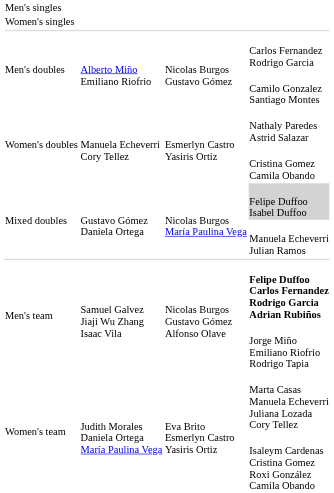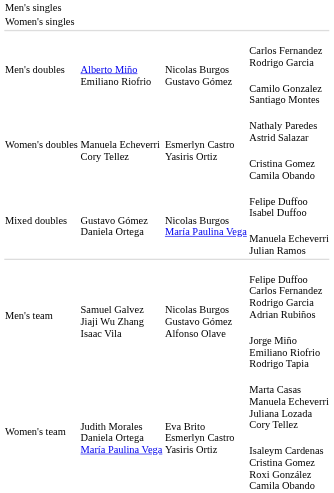 <table>
 <tr>
 <td rowspan=2>Men's singles</td>
 <td rowspan=2></td>
 <td rowspan=2></td>
 <td></td>
 </tr>
 <tr>
 <td></td>
 </tr>
 <tr>
 <td rowspan=2>Women's singles</td>
 <td rowspan=2></td>
 <td rowspan=2></td>
 <td nowrap></td>
 </tr>
 <tr>
 <td></td>
 </tr>
 <tr bgcolor=#dddddd>
 <td colspan=4></td>
 </tr>
 <tr>
 <td rowspan=2>Men's doubles</td>
 <td rowspan=2><br><a href='#'>Alberto Miño</a><br>Emiliano Riofrio</td>
 <td rowspan=2><br>Nicolas Burgos<br>Gustavo Gómez</td>
 <td><br>Carlos Fernandez<br>Rodrigo Garcia</td>
 </tr>
 <tr>
 <td><br>Camilo Gonzalez<br>Santiago Montes</td>
 </tr>
 <tr>
 <td rowspan=2 nowrap>Women's doubles</td>
 <td rowspan=2><br>Manuela Echeverri<br>Cory Tellez</td>
 <td rowspan=2 nowrap><br>Esmerlyn Castro<br>Yasiris Ortiz</td>
 <td><br>Nathaly Paredes<br>Astrid Salazar</td>
 </tr>
 <tr>
 <td><br>Cristina Gomez<br>Camila Obando</td>
 </tr>
 <tr>
 <td rowspan=2>Mixed doubles</td>
 <td rowspan=2><br>Gustavo Gómez<br>Daniela Ortega</td>
 <td rowspan=2><br>Nicolas Burgos<br><a href='#'>María Paulina Vega</a></td>
-<td style="background: lightgrey;"><br>Felipe Duffoo<br>Isabel Duffoo<br></td>
+<td><br>Felipe Duffoo<br>Isabel Duffoo<br></td>
 </tr>
 <tr>
 <td><br>Manuela Echeverri<br>Julian Ramos</td>
 </tr>
 <tr bgcolor=#dddddd>
 <td colspan=4></td>
 </tr>
 <tr>
 <td rowspan=2>Men's team</td>
 <td rowspan=2 nowrap><br>Samuel Galvez<br>Jiaji Wu Zhang<br>Isaac Vila</td>
 <td rowspan=2><br>Nicolas Burgos<br>Gustavo Gómez<br>Alfonso Olave</td>
-<td><strong><br>Felipe Duffoo<br>Carlos Fernandez<br>Rodrigo Garcia<br>Adrian Rubiños</strong></td>
+<td><br>Felipe Duffoo<br>Carlos Fernandez<br>Rodrigo Garcia<br>Adrian Rubiños</td>
 </tr>
 <tr>
 <td><br>Jorge Miño<br>Emiliano Riofrio<br>Rodrigo Tapia</td>
 </tr>
 <tr>
 <td rowspan=2>Women's team</td>
 <td rowspan=2><br>Judith Morales<br>Daniela Ortega<br><a href='#'>María Paulina Vega</a></td>
 <td rowspan=2><br>Eva Brito<br>Esmerlyn Castro<br>Yasiris Ortiz</td>
 <td><br>Marta Casas<br>Manuela Echeverri<br>Juliana Lozada<br>Cory Tellez</td>
 </tr>
 <tr>
 <td><br>Isaleym Cardenas<br>Cristina Gomez<br>Roxi González<br>Camila Obando</td>
 </tr>
 </table>
